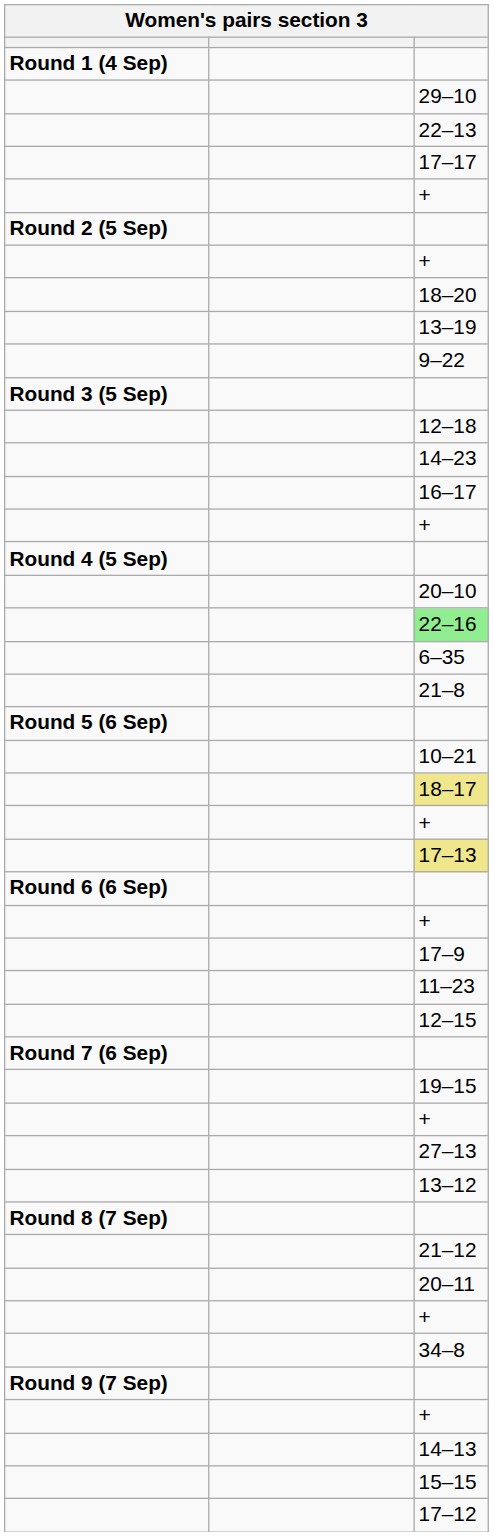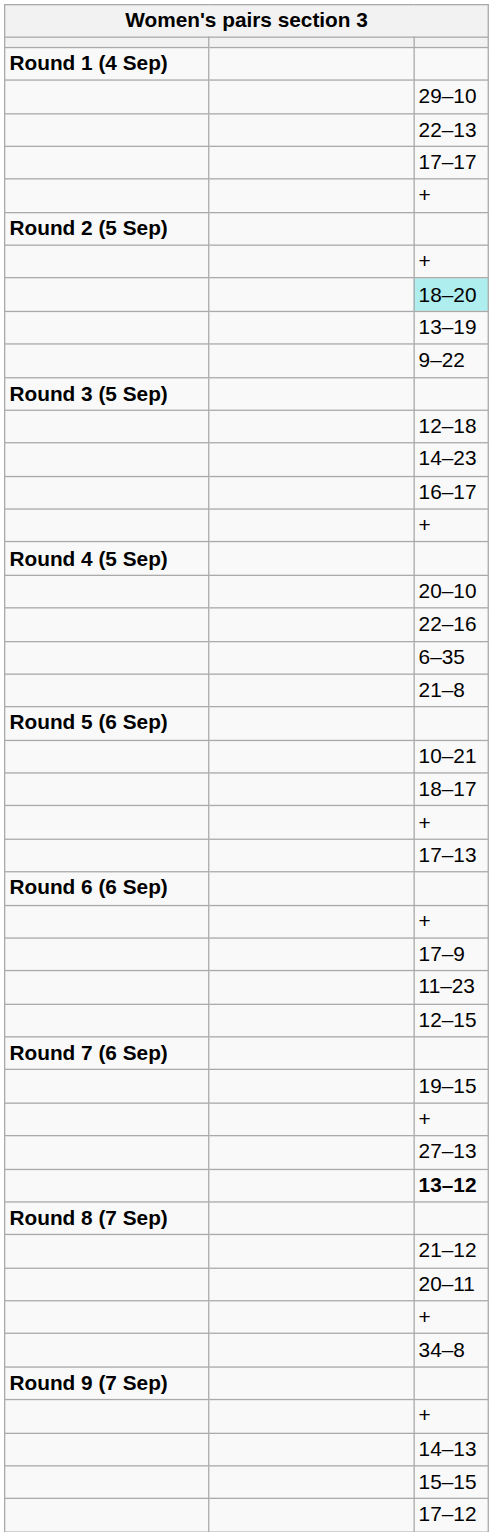 <table class="wikitable">
 <tr>
 <th colspan="3">Women's pairs section 3</th>
 </tr>
 <tr>
 <th width=150></th>
 <th width=150></th>
 <th width=50></th>
 </tr>
 <tr>
 <td><strong>Round 1 (4 Sep)</strong></td>
 <td></td>
 <td></td>
 </tr>
 <tr>
 <td></td>
 <td></td>
 <td>29–10</td>
 </tr>
 <tr>
 <td></td>
 <td></td>
 <td>22–13</td>
 </tr>
 <tr>
 <td></td>
 <td></td>
 <td>17–17</td>
 </tr>
 <tr>
 <td></td>
 <td></td>
 <td>+</td>
 </tr>
 <tr>
 <td><strong>Round 2 (5 Sep)</strong></td>
 <td></td>
 <td></td>
 </tr>
 <tr>
 <td></td>
 <td></td>
 <td>+</td>
 </tr>
 <tr>
 <td></td>
 <td></td>
-<td>18–20</td>
+<td style="background: paleturquoise;">18–20</td>
 </tr>
 <tr>
 <td></td>
 <td></td>
 <td>13–19</td>
 </tr>
 <tr>
 <td></td>
 <td></td>
 <td>9–22</td>
 </tr>
 <tr>
 <td><strong>Round 3 (5 Sep)</strong></td>
 <td></td>
 <td></td>
 </tr>
 <tr>
 <td></td>
 <td></td>
 <td>12–18</td>
 </tr>
 <tr>
 <td></td>
 <td></td>
 <td>14–23</td>
 </tr>
 <tr>
 <td></td>
 <td></td>
 <td>16–17</td>
 </tr>
 <tr>
 <td></td>
 <td></td>
 <td>+</td>
 </tr>
 <tr>
 <td><strong>Round 4 (5 Sep)</strong></td>
 <td></td>
 <td></td>
 </tr>
 <tr>
 <td></td>
 <td></td>
 <td>20–10</td>
 </tr>
 <tr>
 <td></td>
 <td></td>
-<td style="background: lightgreen;">22–16</td>
+<td>22–16</td>
 </tr>
 <tr>
 <td></td>
 <td></td>
 <td>6–35</td>
 </tr>
 <tr>
 <td></td>
 <td></td>
 <td>21–8</td>
 </tr>
 <tr>
 <td><strong>Round 5 (6 Sep)</strong></td>
 <td></td>
 <td></td>
 </tr>
 <tr>
 <td></td>
 <td></td>
 <td>10–21</td>
 </tr>
 <tr>
 <td></td>
 <td></td>
-<td style="background: khaki;">18–17</td>
+<td>18–17</td>
 </tr>
 <tr>
 <td></td>
 <td></td>
 <td>+</td>
 </tr>
 <tr>
 <td></td>
 <td></td>
-<td style="background: khaki;">17–13</td>
+<td>17–13</td>
 </tr>
 <tr>
 <td><strong>Round 6  (6 Sep)</strong></td>
 <td></td>
 <td></td>
 </tr>
 <tr>
 <td></td>
 <td></td>
 <td>+</td>
 </tr>
 <tr>
 <td></td>
 <td></td>
 <td>17–9</td>
 </tr>
 <tr>
 <td></td>
 <td></td>
 <td>11–23</td>
 </tr>
 <tr>
 <td></td>
 <td></td>
 <td>12–15</td>
 </tr>
 <tr>
 <td><strong>Round 7 (6 Sep)</strong></td>
 <td></td>
 <td></td>
 </tr>
 <tr>
 <td></td>
 <td></td>
 <td>19–15</td>
 </tr>
 <tr>
 <td></td>
 <td></td>
 <td>+</td>
 </tr>
 <tr>
 <td></td>
 <td></td>
 <td>27–13</td>
 </tr>
 <tr>
 <td></td>
 <td></td>
-<td>13–12</td>
+<td><strong>13–12</strong></td>
 </tr>
 <tr>
 <td><strong>Round 8 (7 Sep)</strong></td>
 <td></td>
 <td></td>
 </tr>
 <tr>
 <td></td>
 <td></td>
 <td>21–12</td>
 </tr>
 <tr>
 <td></td>
 <td></td>
 <td>20–11</td>
 </tr>
 <tr>
 <td></td>
 <td></td>
 <td>+</td>
 </tr>
 <tr>
 <td></td>
 <td></td>
 <td>34–8</td>
 </tr>
 <tr>
 <td><strong>Round 9 (7 Sep)</strong></td>
 <td></td>
 <td></td>
 </tr>
 <tr>
 <td></td>
 <td></td>
 <td>+</td>
 </tr>
 <tr>
 <td></td>
 <td></td>
 <td>14–13</td>
 </tr>
 <tr>
 <td></td>
 <td></td>
 <td>15–15</td>
 </tr>
 <tr>
 <td></td>
 <td></td>
 <td>17–12</td>
 </tr>
 </table>
